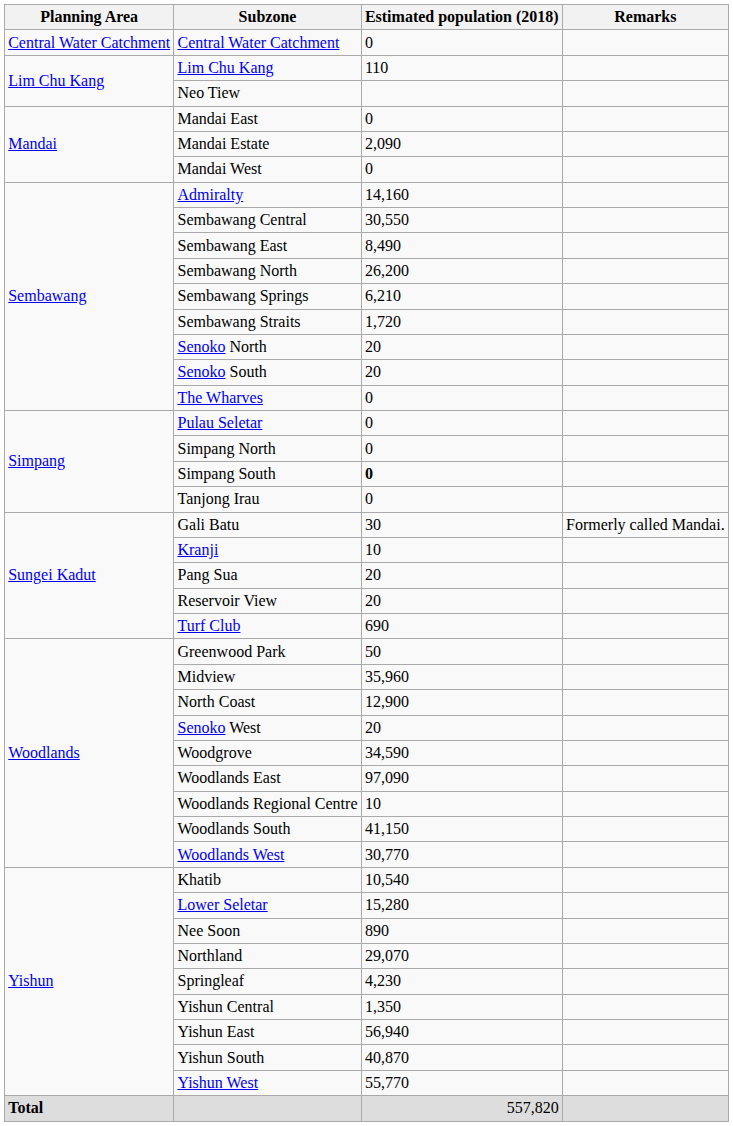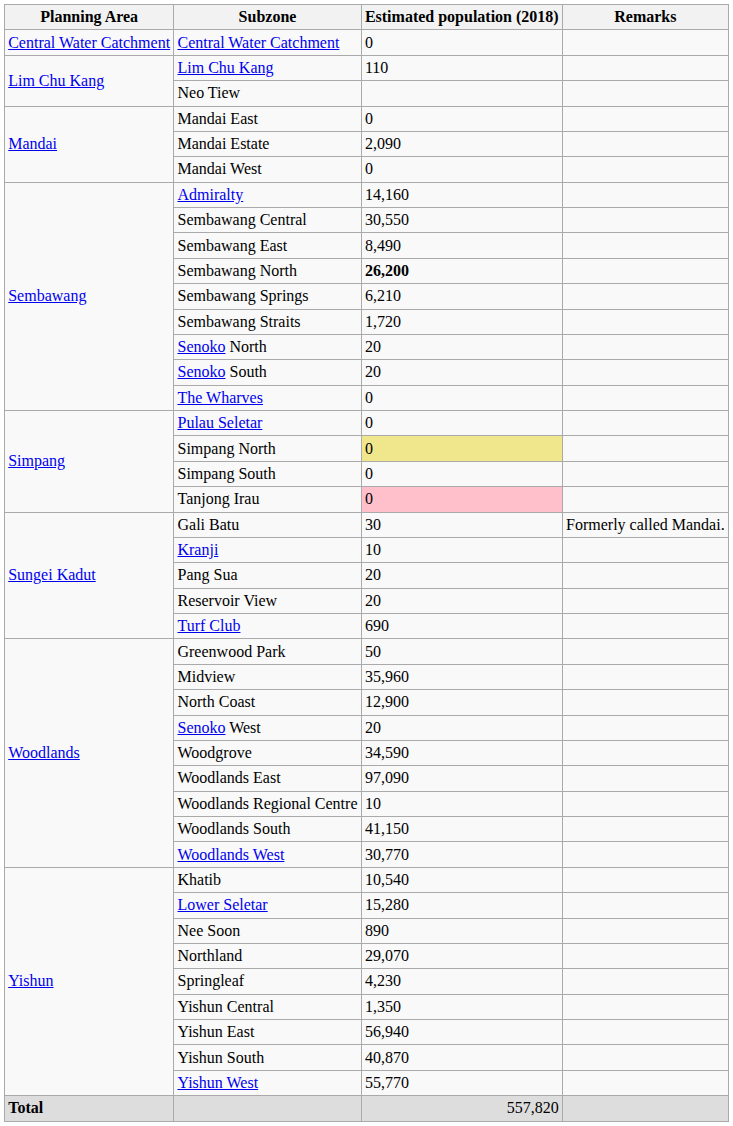 <table class="wikitable sortable">
 <tr>
 <th>Planning Area</th>
 <th>Subzone</th>
 <th>Estimated population (2018)</th>
 <th>Remarks</th>
 </tr>
 <tr>
 <td><a href='#'>Central Water Catchment</a></td>
 <td><a href='#'>Central Water Catchment</a></td>
 <td>0</td>
 <td></td>
 </tr>
 <tr>
 <td rowspan="2"><a href='#'>Lim Chu Kang</a></td>
 <td><a href='#'>Lim Chu Kang</a></td>
 <td>110</td>
 <td></td>
 </tr>
 <tr>
 <td>Neo Tiew</td>
 <td></td>
 <td></td>
 </tr>
 <tr>
 <td rowspan="3"><a href='#'>Mandai</a></td>
 <td>Mandai East</td>
 <td>0</td>
 <td></td>
 </tr>
 <tr>
 <td>Mandai Estate</td>
 <td>2,090</td>
 <td></td>
 </tr>
 <tr>
 <td>Mandai West</td>
 <td>0</td>
 <td></td>
 </tr>
 <tr>
 <td rowspan="9"><a href='#'>Sembawang</a></td>
 <td><a href='#'>Admiralty</a></td>
 <td>14,160</td>
 <td></td>
 </tr>
 <tr>
 <td>Sembawang Central</td>
 <td>30,550</td>
 <td></td>
 </tr>
 <tr>
 <td>Sembawang East</td>
 <td>8,490</td>
 <td></td>
 </tr>
 <tr>
 <td>Sembawang North</td>
-<td>26,200</td>
+<td><strong>26,200</strong></td>
 <td></td>
 </tr>
 <tr>
 <td>Sembawang Springs</td>
 <td>6,210</td>
 <td></td>
 </tr>
 <tr>
 <td>Sembawang Straits</td>
 <td>1,720</td>
 <td></td>
 </tr>
 <tr>
 <td><a href='#'>Senoko</a> North</td>
 <td>20</td>
 <td></td>
 </tr>
 <tr>
 <td><a href='#'>Senoko</a> South</td>
 <td>20</td>
 <td></td>
 </tr>
 <tr>
 <td><a href='#'>The Wharves</a></td>
 <td>0</td>
 <td></td>
 </tr>
 <tr>
 <td rowspan="4"><a href='#'>Simpang</a></td>
 <td><a href='#'>Pulau Seletar</a></td>
 <td>0</td>
 <td></td>
 </tr>
 <tr>
 <td>Simpang North</td>
+<td style="background: khaki;">0</td>
+<td></td>
+</tr>
+<tr>
+<td>Simpang South</td>
 <td>0</td>
 <td></td>
 </tr>
 <tr>
-<td>Simpang South</td>
-<td><strong>0</strong></td>
-<td></td>
-</tr>
-<tr>
 <td>Tanjong Irau</td>
-<td>0</td>
+<td style="background: pink;">0</td>
 <td></td>
 </tr>
 <tr>
 <td rowspan="5"><a href='#'>Sungei Kadut</a></td>
 <td>Gali Batu</td>
 <td>30</td>
 <td>Formerly called Mandai.</td>
 </tr>
 <tr>
 <td><a href='#'>Kranji</a></td>
 <td>10</td>
 <td></td>
 </tr>
 <tr>
 <td>Pang Sua</td>
 <td>20</td>
 <td></td>
 </tr>
 <tr>
 <td>Reservoir View</td>
 <td>20</td>
 <td></td>
 </tr>
 <tr>
 <td><a href='#'>Turf Club</a></td>
 <td>690</td>
 <td></td>
 </tr>
 <tr>
 <td rowspan="9"><a href='#'>Woodlands</a></td>
 <td>Greenwood Park</td>
 <td>50</td>
 <td></td>
 </tr>
 <tr>
 <td>Midview</td>
 <td>35,960</td>
 <td></td>
 </tr>
 <tr>
 <td>North Coast</td>
 <td>12,900</td>
 <td></td>
 </tr>
 <tr>
 <td><a href='#'>Senoko</a> West</td>
 <td>20</td>
 <td></td>
 </tr>
 <tr>
 <td>Woodgrove</td>
 <td>34,590</td>
 <td></td>
 </tr>
 <tr>
 <td>Woodlands East</td>
 <td>97,090</td>
 <td></td>
 </tr>
 <tr>
 <td>Woodlands Regional Centre</td>
 <td>10</td>
 <td></td>
 </tr>
 <tr>
 <td>Woodlands South</td>
 <td>41,150</td>
 <td></td>
 </tr>
 <tr>
 <td><a href='#'>Woodlands West</a></td>
 <td>30,770</td>
 <td></td>
 </tr>
 <tr>
 <td rowspan="9"><a href='#'>Yishun</a></td>
 <td>Khatib</td>
 <td>10,540</td>
 <td></td>
 </tr>
 <tr>
 <td><a href='#'>Lower Seletar</a></td>
 <td>15,280</td>
 <td></td>
 </tr>
 <tr>
 <td>Nee Soon</td>
 <td>890</td>
 <td></td>
 </tr>
 <tr>
 <td>Northland</td>
 <td>29,070</td>
 <td></td>
 </tr>
 <tr>
 <td>Springleaf</td>
 <td>4,230</td>
 <td></td>
 </tr>
 <tr>
 <td>Yishun Central</td>
 <td>1,350</td>
 <td></td>
 </tr>
 <tr>
 <td>Yishun East</td>
 <td>56,940</td>
 <td></td>
 </tr>
 <tr>
 <td>Yishun South</td>
 <td>40,870</td>
 <td></td>
 </tr>
 <tr>
 <td><a href='#'>Yishun West</a></td>
 <td>55,770</td>
 <td></td>
 </tr>
 <tr style="background: #DDDDDD;" class="sortbottom">
 <td><strong>Total</strong></td>
 <td></td>
 <td align="right">557,820</td>
 <td></td>
 </tr>
 </table>
